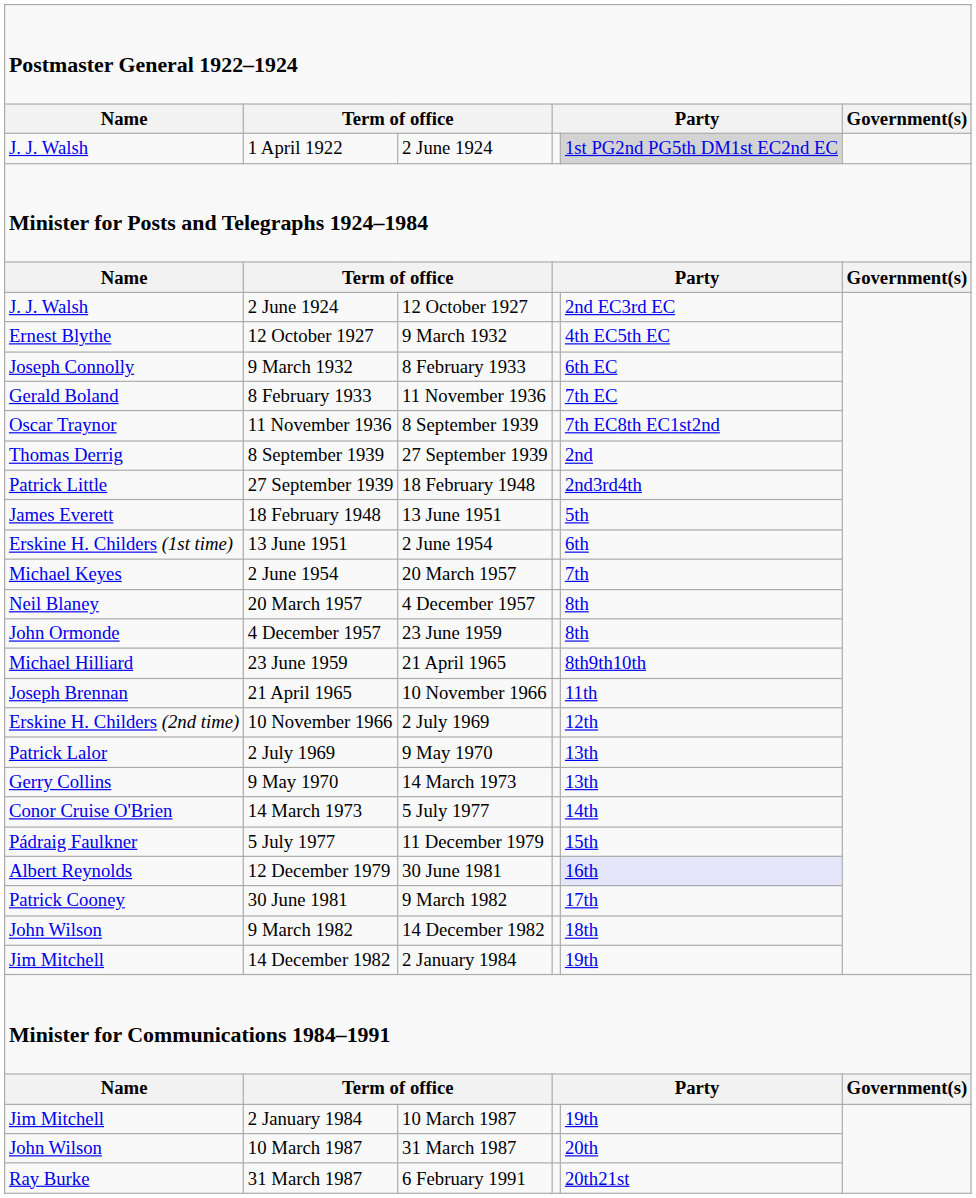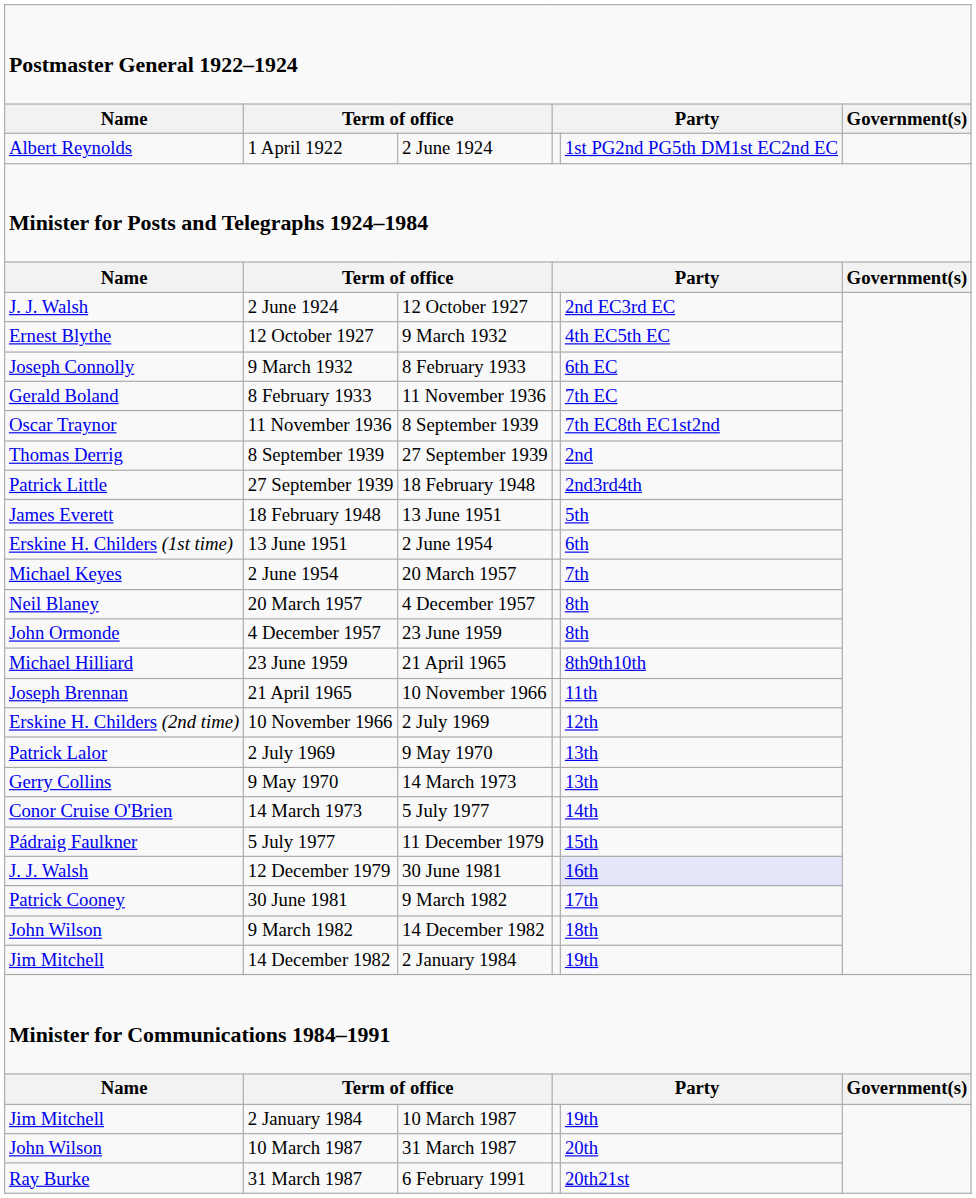 <table class="wikitable">
 <tr>
 <td colspan="6"><br><h3>Postmaster General 1922–1924</h3></td>
 </tr>
 <tr>
 <th>Name</th>
 <th colspan="2">Term of office</th>
 <th colspan="2">Party</th>
 <th>Government(s)</th>
 </tr>
 <tr>
-<td><a href='#'>J. J. Walsh</a></td>
+<td><a href='#'>Albert Reynolds</a></td>
 <td>1 April 1922</td>
 <td>2 June 1924</td>
 <td></td>
-<td style="background: lightgrey;"><a href='#'>1st PG</a><a href='#'>2nd PG</a><a href='#'>5th DM</a><a href='#'>1st EC</a><a href='#'>2nd EC</a></td>
+<td><a href='#'>1st PG</a><a href='#'>2nd PG</a><a href='#'>5th DM</a><a href='#'>1st EC</a><a href='#'>2nd EC</a></td>
 </tr>
 <tr>
 <td colspan="6"><br><h3>Minister for Posts and Telegraphs 1924–1984</h3></td>
 </tr>
 <tr>
 <th>Name</th>
 <th colspan="2">Term of office</th>
 <th colspan="2">Party</th>
 <th>Government(s)</th>
 </tr>
 <tr>
 <td><a href='#'>J. J. Walsh</a></td>
 <td>2 June 1924</td>
 <td>12 October 1927</td>
 <td></td>
 <td><a href='#'>2nd EC</a><a href='#'>3rd EC</a></td>
 </tr>
 <tr>
 <td><a href='#'>Ernest Blythe</a></td>
 <td>12 October 1927</td>
 <td>9 March 1932</td>
 <td></td>
 <td><a href='#'>4th EC</a><a href='#'>5th EC</a></td>
 </tr>
 <tr>
 <td><a href='#'>Joseph Connolly</a></td>
 <td>9 March 1932</td>
 <td>8 February 1933</td>
 <td></td>
 <td><a href='#'>6th EC</a></td>
 </tr>
 <tr>
 <td><a href='#'>Gerald Boland</a></td>
 <td>8 February 1933</td>
 <td>11 November 1936</td>
 <td></td>
 <td><a href='#'>7th EC</a></td>
 </tr>
 <tr>
 <td><a href='#'>Oscar Traynor</a></td>
 <td>11 November 1936</td>
 <td>8 September 1939</td>
 <td></td>
 <td><a href='#'>7th EC</a><a href='#'>8th EC</a><a href='#'>1st</a><a href='#'>2nd</a></td>
 </tr>
 <tr>
 <td><a href='#'>Thomas Derrig</a></td>
 <td>8 September 1939</td>
 <td>27 September 1939</td>
 <td></td>
 <td><a href='#'>2nd</a></td>
 </tr>
 <tr>
 <td><a href='#'>Patrick Little</a></td>
 <td>27 September 1939</td>
 <td>18 February 1948</td>
 <td></td>
 <td><a href='#'>2nd</a><a href='#'>3rd</a><a href='#'>4th</a></td>
 </tr>
 <tr>
 <td><a href='#'>James Everett</a></td>
 <td>18 February 1948</td>
 <td>13 June 1951</td>
 <td></td>
 <td><a href='#'>5th</a></td>
 </tr>
 <tr>
 <td><a href='#'>Erskine H. Childers</a> <em>(1st time)</em></td>
 <td>13 June 1951</td>
 <td>2 June 1954</td>
 <td></td>
 <td><a href='#'>6th</a></td>
 </tr>
 <tr>
 <td><a href='#'>Michael Keyes</a></td>
 <td>2 June 1954</td>
 <td>20 March 1957</td>
 <td></td>
 <td><a href='#'>7th</a></td>
 </tr>
 <tr>
 <td><a href='#'>Neil Blaney</a></td>
 <td>20 March 1957</td>
 <td>4 December 1957</td>
 <td></td>
 <td><a href='#'>8th</a></td>
 </tr>
 <tr>
 <td><a href='#'>John Ormonde</a></td>
 <td>4 December 1957</td>
 <td>23 June 1959</td>
 <td></td>
 <td><a href='#'>8th</a></td>
 </tr>
 <tr>
 <td><a href='#'>Michael Hilliard</a></td>
 <td>23 June 1959</td>
 <td>21 April 1965</td>
 <td></td>
 <td><a href='#'>8th</a><a href='#'>9th</a><a href='#'>10th</a></td>
 </tr>
 <tr>
 <td><a href='#'>Joseph Brennan</a></td>
 <td>21 April 1965</td>
 <td>10 November 1966</td>
 <td></td>
 <td><a href='#'>11th</a></td>
 </tr>
 <tr>
 <td><a href='#'>Erskine H. Childers</a> <em>(2nd time)</em></td>
 <td>10 November 1966</td>
 <td>2 July 1969</td>
 <td></td>
 <td><a href='#'>12th</a></td>
 </tr>
 <tr>
 <td><a href='#'>Patrick Lalor</a></td>
 <td>2 July 1969</td>
 <td>9 May 1970</td>
 <td></td>
 <td><a href='#'>13th</a></td>
 </tr>
 <tr>
 <td><a href='#'>Gerry Collins</a></td>
 <td>9 May 1970</td>
 <td>14 March 1973</td>
 <td></td>
 <td><a href='#'>13th</a></td>
 </tr>
 <tr>
 <td><a href='#'>Conor Cruise O'Brien</a></td>
 <td>14 March 1973</td>
 <td>5 July 1977</td>
 <td></td>
 <td><a href='#'>14th</a></td>
 </tr>
 <tr>
 <td><a href='#'>Pádraig Faulkner</a></td>
 <td>5 July 1977</td>
 <td>11 December 1979</td>
 <td></td>
 <td><a href='#'>15th</a></td>
 </tr>
 <tr>
-<td><a href='#'>Albert Reynolds</a></td>
+<td><a href='#'>J. J. Walsh</a></td>
 <td>12 December 1979</td>
 <td>30 June 1981</td>
 <td></td>
 <td style="background: lavender;"><a href='#'>16th</a></td>
 </tr>
 <tr>
 <td><a href='#'>Patrick Cooney</a></td>
 <td>30 June 1981</td>
 <td>9 March 1982</td>
 <td></td>
 <td><a href='#'>17th</a></td>
 </tr>
 <tr>
 <td><a href='#'>John Wilson</a></td>
 <td>9 March 1982</td>
 <td>14 December 1982</td>
 <td></td>
 <td><a href='#'>18th</a></td>
 </tr>
 <tr>
 <td><a href='#'>Jim Mitchell</a></td>
 <td>14 December 1982</td>
 <td>2 January 1984</td>
 <td></td>
 <td><a href='#'>19th</a></td>
 </tr>
 <tr>
 <td colspan="6"><br><h3>Minister for Communications 1984–1991</h3></td>
 </tr>
 <tr>
 <th>Name</th>
 <th colspan="2">Term of office</th>
 <th colspan="2">Party</th>
 <th>Government(s)</th>
 </tr>
 <tr>
 <td><a href='#'>Jim Mitchell</a></td>
 <td>2 January 1984</td>
 <td>10 March 1987</td>
 <td></td>
 <td><a href='#'>19th</a></td>
 </tr>
 <tr>
 <td><a href='#'>John Wilson</a></td>
 <td>10 March 1987</td>
 <td>31 March 1987</td>
 <td></td>
 <td><a href='#'>20th</a></td>
 </tr>
 <tr>
 <td><a href='#'>Ray Burke</a></td>
 <td>31 March 1987</td>
 <td>6 February 1991</td>
 <td></td>
 <td><a href='#'>20th</a><a href='#'>21st</a></td>
 </tr>
 </table>
